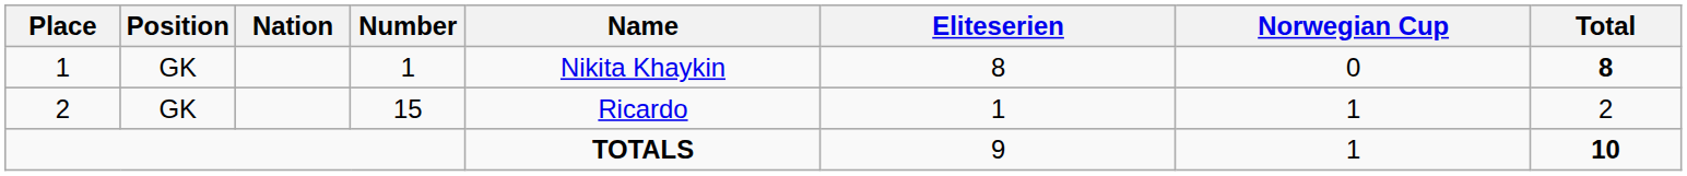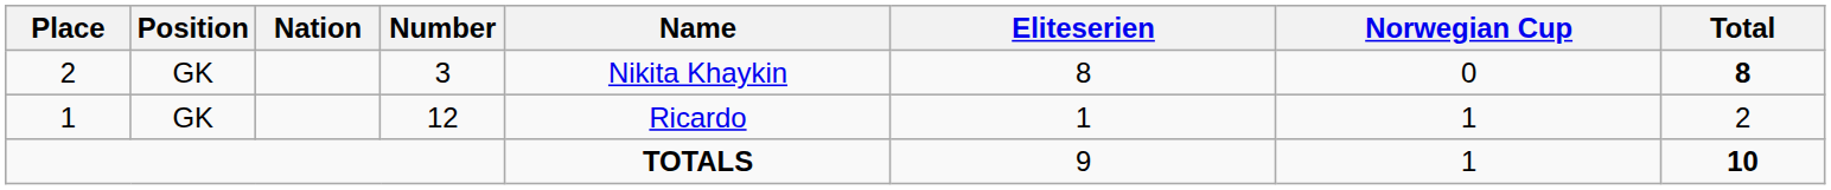 <table class="wikitable" style="font-size: 95%; text-align: center;">
 <tr>
 <th width=60>Place</th>
 <th width=60>Position</th>
 <th width=60>Nation</th>
 <th width=60>Number</th>
 <th width=200>Name</th>
 <th width=200><a href='#'>Eliteserien</a></th>
 <th width=200><a href='#'>Norwegian Cup</a></th>
 <th width=80><strong>Total</strong></th>
 </tr>
 <tr>
-<td>1</td>
+<td>2</td>
 <td>GK</td>
 <td></td>
-<td>1</td>
+<td>3</td>
 <td><a href='#'>Nikita Khaykin</a></td>
 <td>8</td>
 <td>0</td>
 <td><strong>8</strong></td>
 </tr>
 <tr>
-<td>2</td>
+<td>1</td>
 <td>GK</td>
 <td></td>
-<td>15</td>
+<td>12</td>
 <td><a href='#'>Ricardo</a></td>
 <td>1</td>
 <td>1</td>
 <td>2</td>
 </tr>
 <tr>
 <td colspan="4"></td>
 <td><strong>TOTALS</strong></td>
 <td>9</td>
 <td>1</td>
 <td><strong>10</strong></td>
 </tr>
 </table>
